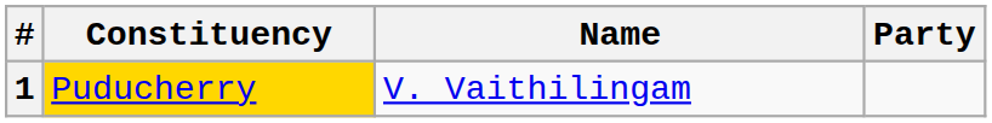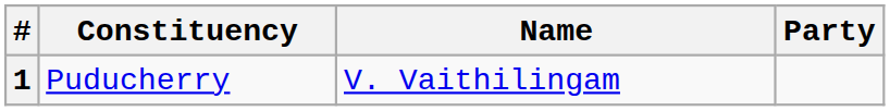 <table class="wikitable sortable">
 <tr>
 <th>#</th>
 <th style="width:120px">Constituency</th>
 <th style="width:180px">Name</th>
 <th colspan=2>Party</th>
 </tr>
 <tr>
 <th>1</th>
-<td style="background: gold;"><a href='#'>Puducherry</a></td>
+<td><a href='#'>Puducherry</a></td>
 <td><a href='#'>V. Vaithilingam</a></td>
 <td></td>
 </tr>
 </table>
